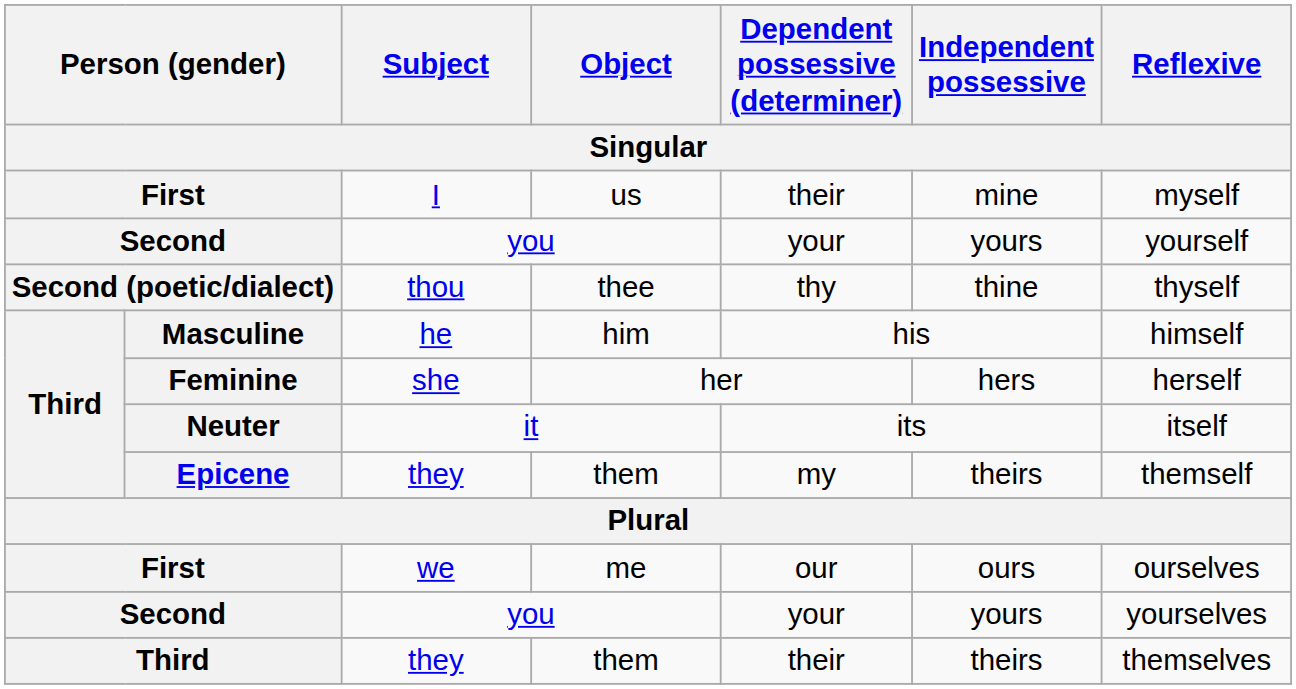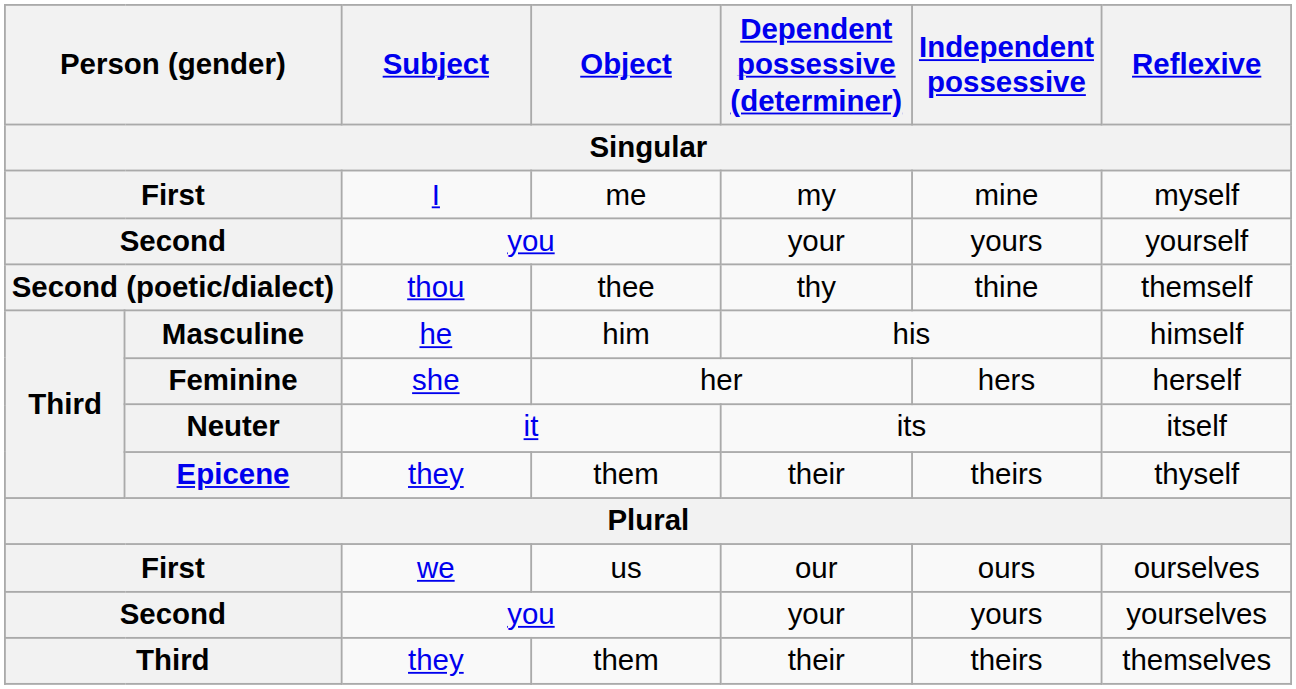 <table class="wikitable" style="text-align:center">
 <tr>
 <th colspan="2">Person (gender)</th>
 <th style="width:6em;line-height:1.2;"><a href='#'>Subject</a></th>
 <th style="width:6em;line-height:1.2;"><a href='#'>Object</a></th>
 <th style="width:6em;line-height:1.2;"><a href='#'>Dependent possessive (determiner)</a></th>
 <th style="width:6em;line-height:1.2;"><a href='#'>Independent possessive</a></th>
 <th style="width:6em;line-height:1.2;"><a href='#'>Reflexive</a></th>
 </tr>
 <tr>
 <th colspan="7">Singular</th>
 </tr>
 <tr>
 <th colspan="2">First</th>
 <td><a href='#'>I</a></td>
-<td>us</td>
-<td>their</td>
+<td>me</td>
+<td>my</td>
 <td>mine</td>
 <td>myself</td>
 </tr>
 <tr>
 <th colspan="2">Second</th>
 <td colspan="2"><a href='#'>you</a></td>
 <td>your</td>
 <td>yours</td>
 <td>yourself</td>
 </tr>
 <tr>
 <th colspan="2">Second (poetic/dialect)</th>
 <td><a href='#'>thou</a></td>
 <td>thee</td>
 <td>thy</td>
 <td>thine</td>
-<td>thyself</td>
+<td>themself</td>
 </tr>
 <tr>
 <th rowspan="4">Third</th>
 <th>Masculine</th>
 <td><a href='#'>he</a></td>
 <td>him</td>
 <td colspan="2">his</td>
 <td>himself</td>
 </tr>
 <tr>
 <th>Feminine</th>
 <td><a href='#'>she</a></td>
 <td colspan="2">her</td>
 <td>hers</td>
 <td>herself</td>
 </tr>
 <tr>
 <th>Neuter</th>
 <td colspan="2"><a href='#'>it</a></td>
 <td colspan="2">its</td>
 <td>itself</td>
 </tr>
 <tr>
 <th><a href='#'>Epicene</a></th>
 <td><a href='#'>they</a></td>
 <td>them</td>
-<td>my</td>
+<td>their</td>
 <td>theirs</td>
-<td>themself</td>
+<td>thyself</td>
 </tr>
 <tr>
 <th colspan="7">Plural</th>
 </tr>
 <tr>
 <th colspan="2">First</th>
 <td><a href='#'>we</a></td>
-<td>me</td>
+<td>us</td>
 <td>our</td>
 <td>ours</td>
 <td>ourselves</td>
 </tr>
 <tr>
 <th colspan="2">Second</th>
 <td colspan="2"><a href='#'>you</a></td>
 <td>your</td>
 <td>yours</td>
 <td>yourselves</td>
 </tr>
 <tr>
 <th colspan="2">Third</th>
 <td><a href='#'>they</a></td>
 <td>them</td>
 <td>their</td>
 <td>theirs</td>
 <td>themselves</td>
 </tr>
 </table>
